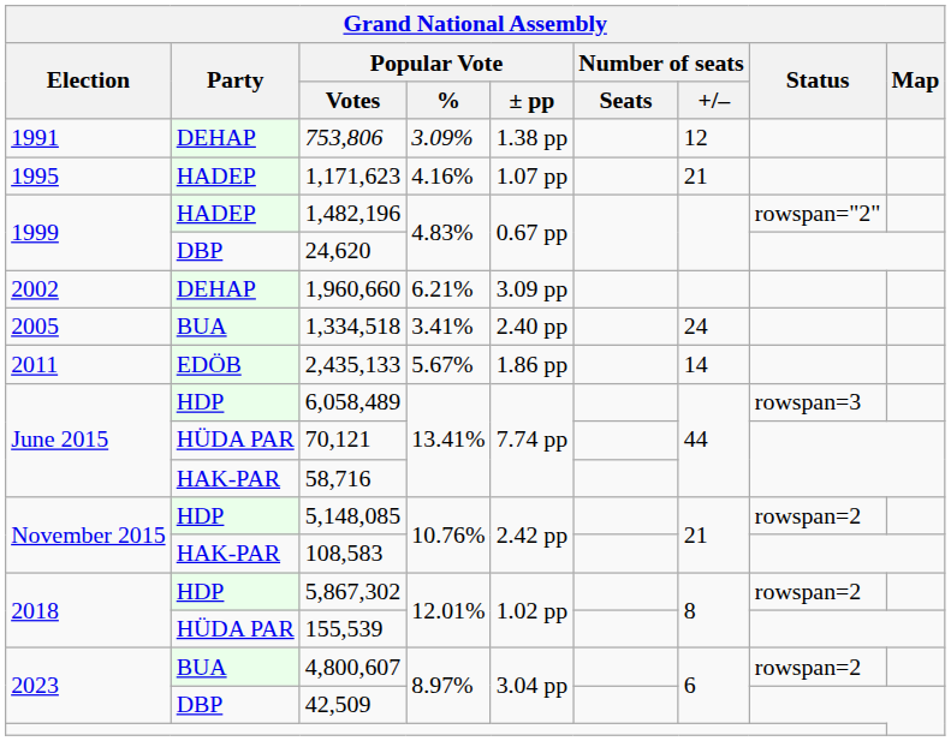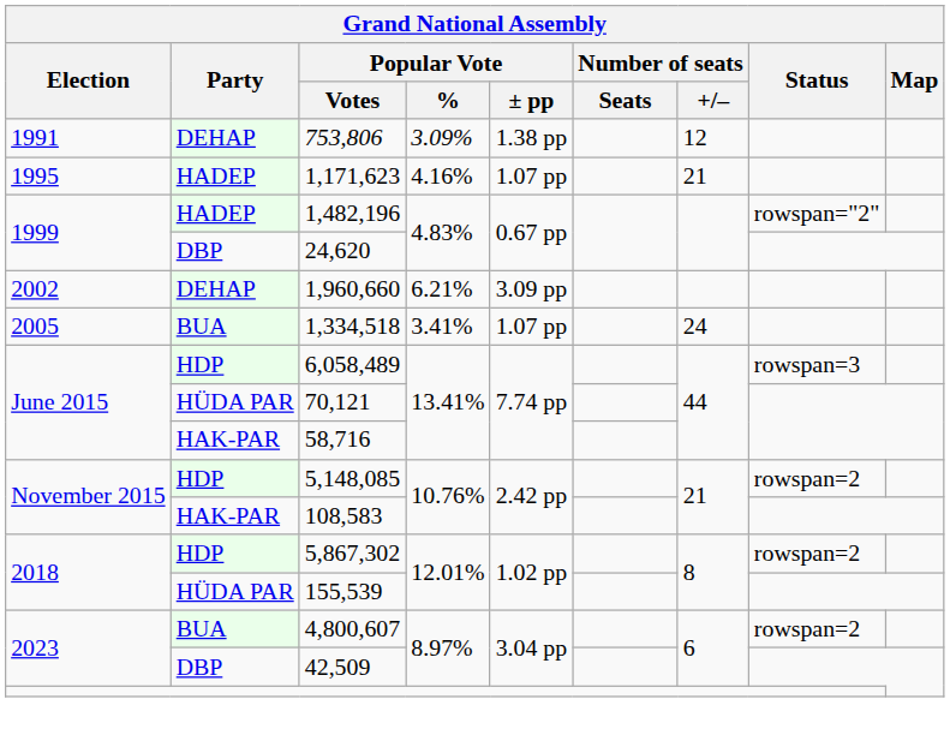 <table class="wikitable">
 <tr>
 <th colspan="9"><a href='#'>Grand National Assembly</a></th>
 </tr>
 <tr>
 <th rowspan="2">Election</th>
 <th rowspan="2">Party</th>
 <th colspan="3">Popular Vote</th>
 <th colspan="2">Number of seats</th>
 <th rowspan="2">Status</th>
 <th rowspan="2">Map</th>
 </tr>
 <tr>
 <th>Votes</th>
 <th>%</th>
 <th>± pp</th>
 <th>Seats</th>
 <th>+/–</th>
 </tr>
 <tr>
 <td><a href='#'>1991</a></td>
 <td style="background:#EAFFEA"><a href='#'>DEHAP</a></td>
 <td><em>753,806</em></td>
 <td><em>3.09%</em></td>
 <td> 1.38 pp</td>
 <td></td>
 <td> 12</td>
 <td></td>
 <td></td>
 </tr>
 <tr>
 <td><a href='#'>1995</a></td>
 <td style="background:#EAFFEA"><a href='#'>HADEP</a></td>
 <td>1,171,623</td>
 <td>4.16%</td>
 <td> 1.07 pp</td>
 <td></td>
 <td> 21</td>
 <td></td>
 <td></td>
 </tr>
 <tr>
 <td rowspan="2"><a href='#'>1999</a></td>
 <td style="background:#EAFFEA"><a href='#'>HADEP</a></td>
 <td>1,482,196</td>
 <td rowspan="2">4.83%</td>
 <td rowspan="2"> 0.67 pp</td>
 <td rowspan="2"></td>
 <td rowspan="2"></td>
 <td>rowspan="2" </td>
 <td></td>
 </tr>
 <tr>
 <td><a href='#'>DBP</a></td>
 <td>24,620</td>
 </tr>
 <tr>
 <td><a href='#'>2002</a></td>
 <td style="background:#EAFFEA"><a href='#'>DEHAP</a></td>
 <td>1,960,660</td>
 <td>6.21%</td>
 <td> 3.09 pp</td>
 <td></td>
 <td></td>
 <td></td>
 <td></td>
 </tr>
 <tr>
 <td><a href='#'>2005</a></td>
 <td style="background:#EAFFEA"><a href='#'>BUA</a></td>
 <td>1,334,518</td>
 <td>3.41%</td>
-<td> 2.40 pp</td>
+<td> 1.07 pp</td>
 <td></td>
 <td> 24</td>
-<td></td>
-<td></td>
-</tr>
-<tr>
-<td><a href='#'>2011</a></td>
-<td style="background:#EAFFEA"><a href='#'>EDÖB</a></td>
-<td>2,435,133</td>
-<td>5.67%</td>
-<td> 1.86 pp</td>
-<td></td>
-<td> 14</td>
 <td></td>
 <td></td>
 </tr>
 <tr>
 <td rowspan=3><a href='#'>June 2015</a></td>
 <td style="background:#EAFFEA"><a href='#'>HDP</a></td>
 <td>6,058,489</td>
 <td rowspan=3>13.41%</td>
 <td rowspan=3> 7.74 pp</td>
 <td style="text-size:smaller"></td>
 <td rowspan=3> 44</td>
 <td>rowspan=3 </td>
 <td></td>
 </tr>
 <tr>
 <td><a href='#'>HÜDA PAR</a></td>
 <td>70,121</td>
 <td style="text-size:smaller"></td>
 </tr>
 <tr>
 <td><a href='#'>HAK-PAR</a></td>
 <td>58,716</td>
 <td style="text-size:smaller"></td>
 </tr>
 <tr>
 <td rowspan=2><a href='#'>November 2015</a></td>
 <td style="background:#EAFFEA"><a href='#'>HDP</a></td>
 <td>5,148,085</td>
 <td rowspan=2>10.76%</td>
 <td rowspan=2> 2.42 pp</td>
 <td style="text-size:smaller"></td>
 <td rowspan=2> 21</td>
 <td>rowspan=2 </td>
 <td></td>
 </tr>
 <tr>
 <td><a href='#'>HAK-PAR</a></td>
 <td>108,583</td>
 <td style="text-size:smaller"></td>
 </tr>
 <tr>
 <td rowspan=2><a href='#'>2018</a></td>
 <td style="background:#EAFFEA"><a href='#'>HDP</a></td>
 <td>5,867,302</td>
 <td rowspan=2>12.01%</td>
 <td rowspan=2> 1.02 pp</td>
 <td style="text-size:smaller"></td>
 <td rowspan=2> 8</td>
 <td>rowspan=2 </td>
 <td></td>
 </tr>
 <tr>
 <td><a href='#'>HÜDA PAR</a></td>
 <td>155,539</td>
 <td style="text-size:smaller"></td>
 </tr>
 <tr>
 <td rowspan=2><a href='#'>2023</a></td>
 <td style="background:#EAFFEA"><a href='#'>BUA</a></td>
 <td>4,800,607</td>
 <td rowspan=2>8.97%</td>
 <td rowspan=2> 3.04 pp</td>
 <td style="text-size:smaller"></td>
 <td rowspan=2> 6</td>
 <td>rowspan=2 </td>
 <td></td>
 </tr>
 <tr>
 <td><a href='#'>DBP</a></td>
 <td>42,509</td>
 <td style="text-size:smaller"></td>
 </tr>
 <tr>
 <td colspan="8"></td>
 </tr>
 </table>
